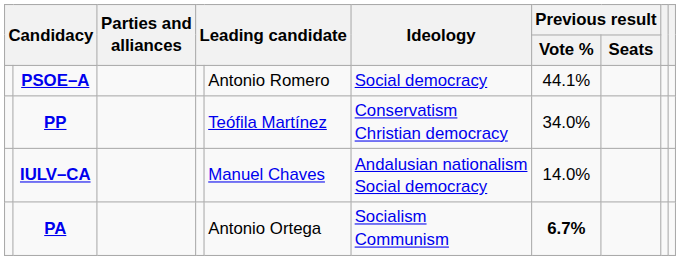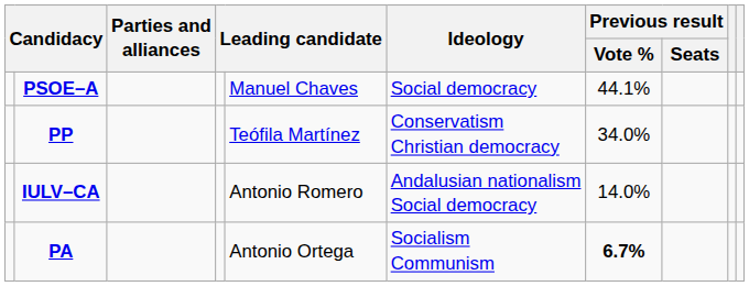 <table class="wikitable" style="line-height:1.35em; text-align:left;">
 <tr>
 <th colspan="2" rowspan="2">Candidacy</th>
 <th rowspan="2">Parties and<br>alliances</th>
 <th colspan="2" rowspan="2">Leading candidate</th>
 <th rowspan="2">Ideology</th>
 <th colspan="2">Previous result</th>
 <th rowspan="2"></th>
 <th rowspan="2"></th>
 </tr>
 <tr>
 <th>Vote %</th>
 <th>Seats</th>
 </tr>
 <tr>
 <td width="1" style="color:inherit;background:"></td>
 <td align="center"><strong><a href='#'>PSOE–A</a></strong></td>
 <td></td>
 <td></td>
-<td>Antonio Romero</td>
+<td><a href='#'>Manuel Chaves</a></td>
 <td><a href='#'>Social democracy</a></td>
 <td align="center">44.1%</td>
 <td></td>
 <td></td>
 <td></td>
 </tr>
 <tr>
 <td style="color:inherit;background:"></td>
 <td align="center"><strong><a href='#'>PP</a></strong></td>
 <td></td>
 <td></td>
 <td><a href='#'>Teófila Martínez</a></td>
 <td><a href='#'>Conservatism</a><br><a href='#'>Christian democracy</a></td>
 <td align="center">34.0%</td>
 <td></td>
 <td></td>
 <td></td>
 </tr>
 <tr>
 <td style="color:inherit;background:"></td>
 <td align="center"><strong><a href='#'>IULV–CA</a></strong></td>
 <td></td>
 <td></td>
-<td><a href='#'>Manuel Chaves</a></td>
+<td>Antonio Romero</td>
 <td><a href='#'>Andalusian nationalism</a><br><a href='#'>Social democracy</a></td>
 <td align="center">14.0%</td>
 <td></td>
 <td></td>
 <td></td>
 </tr>
 <tr>
 <td style="color:inherit;background:"></td>
 <td align="center"><strong><a href='#'>PA</a></strong></td>
 <td></td>
 <td></td>
 <td>Antonio Ortega</td>
 <td><a href='#'>Socialism</a><br><a href='#'>Communism</a></td>
 <td align="center"><strong>6.7%</strong></td>
 <td></td>
 <td></td>
 <td></td>
 </tr>
 </table>
